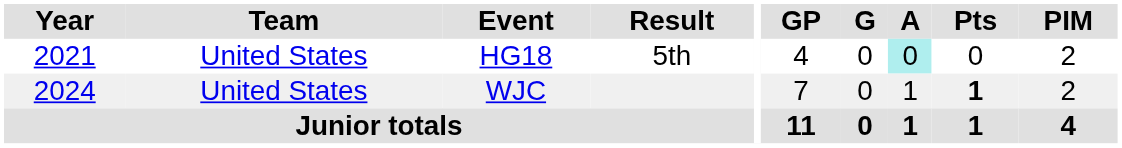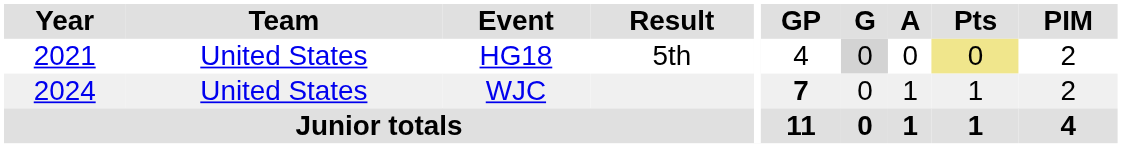 <table border="0" cellpadding="1" cellspacing="0" ID="Table3" style="text-align:center; width:40em">
 <tr bgcolor="#e0e0e0">
 <th>Year</th>
 <th>Team</th>
 <th>Event</th>
 <th>Result</th>
 <th rowspan="99" bgcolor="#ffffff"></th>
 <th>GP</th>
 <th>G</th>
 <th>A</th>
 <th>Pts</th>
 <th>PIM</th>
 </tr>
 <tr>
 <td><a href='#'>2021</a></td>
 <td><a href='#'>United States</a></td>
 <td><a href='#'>HG18</a></td>
 <td>5th</td>
 <td>4</td>
+<td style="background: lightgrey;">0</td>
 <td>0</td>
-<td style="background: paleturquoise;">0</td>
-<td>0</td>
+<td style="background: khaki;">0</td>
 <td>2</td>
 </tr>
 <tr bgcolor="#f0f0f0">
 <td><a href='#'>2024</a></td>
 <td><a href='#'>United States</a></td>
 <td><a href='#'>WJC</a></td>
 <td></td>
-<td>7</td>
+<td><strong>7</strong></td>
 <td>0</td>
 <td>1</td>
-<td><strong>1</strong></td>
+<td>1</td>
 <td>2</td>
 </tr>
 <tr bgcolor="#e0e0e0">
 <th colspan="4">Junior totals</th>
 <th>11</th>
 <th>0</th>
 <th>1</th>
 <th>1</th>
 <th>4</th>
 </tr>
 </table>
